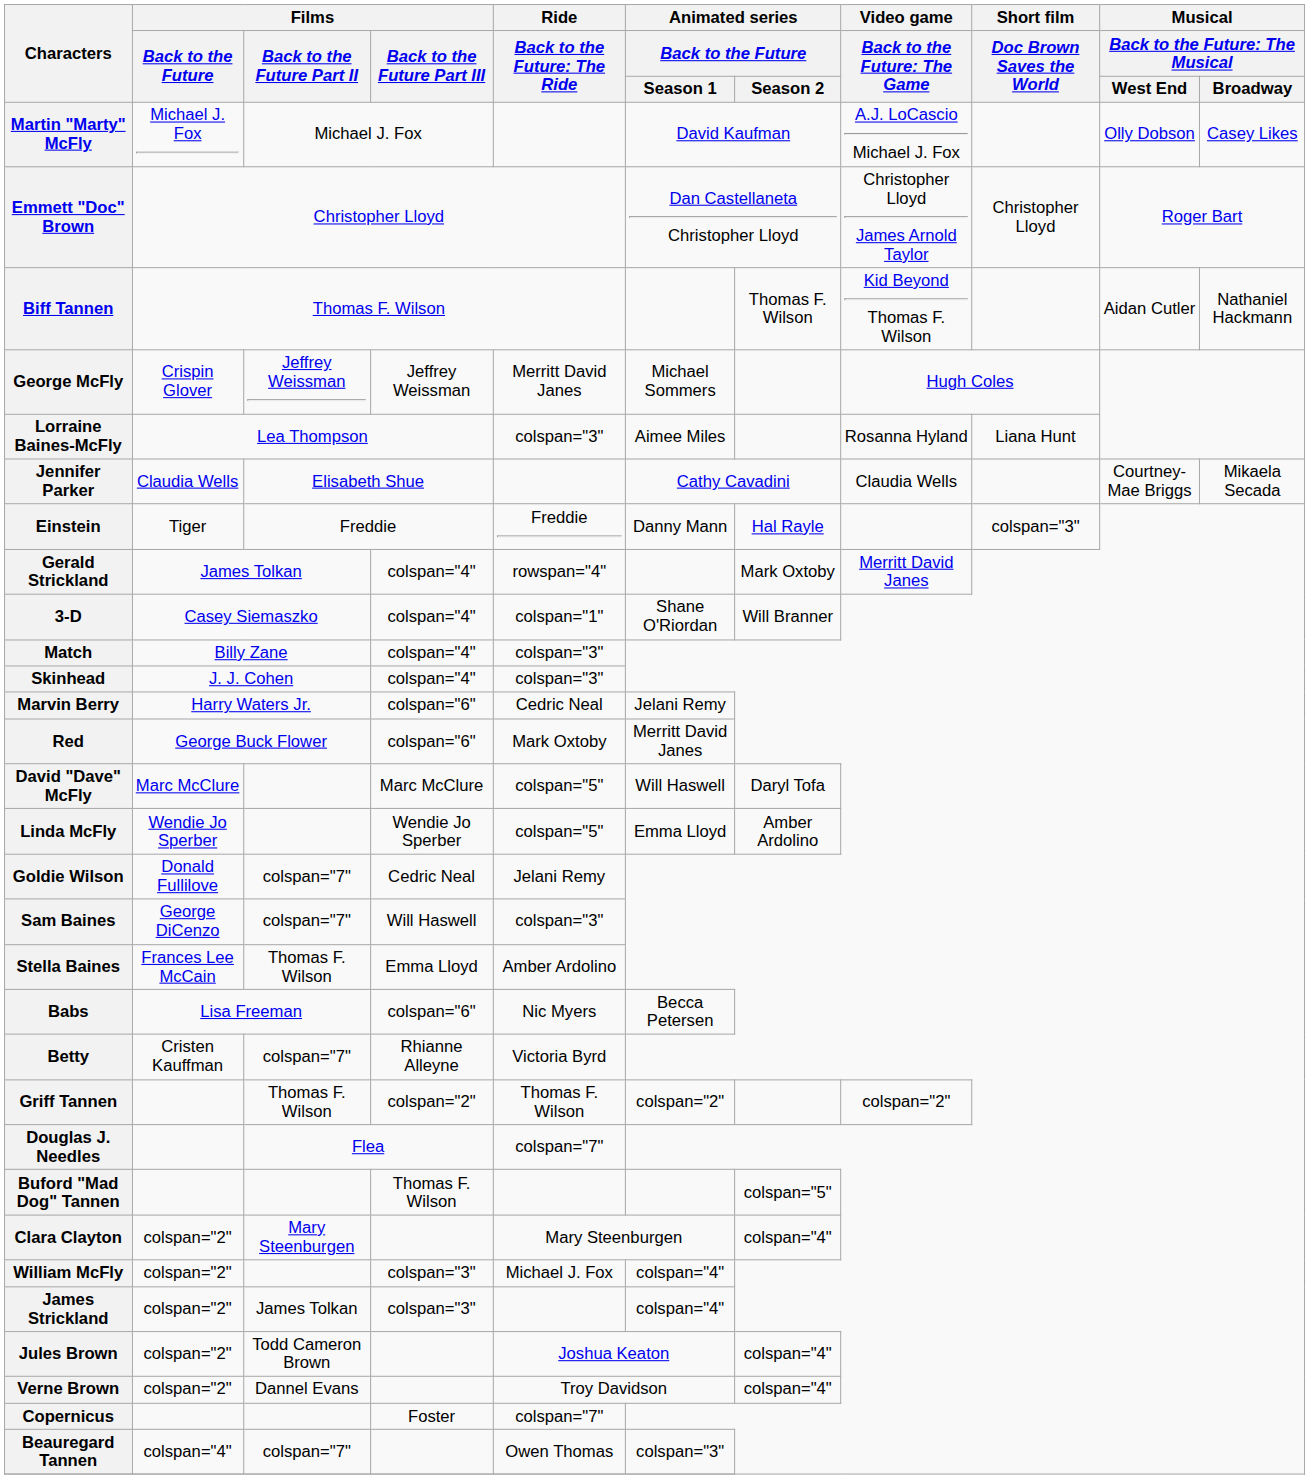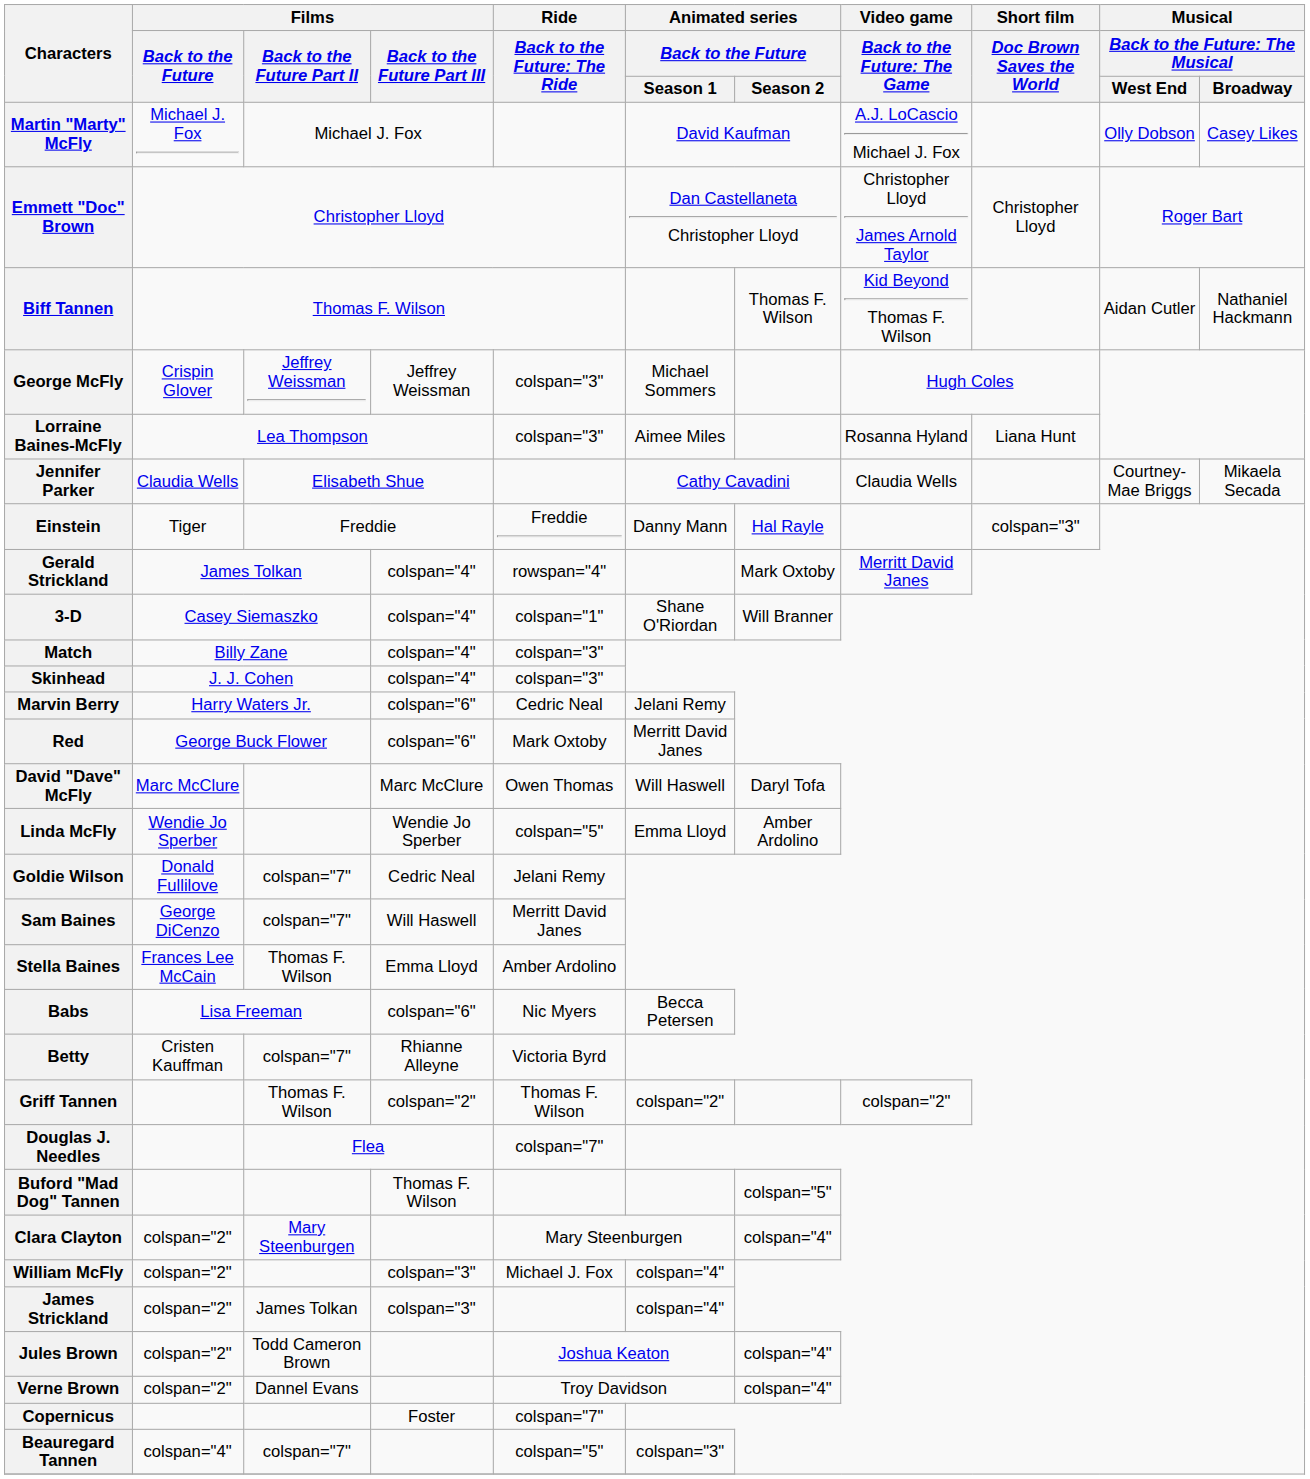 <table class="wikitable plainrowheaders"  style="text-align:center; width:99%;">
 <tr>
 <th rowspan="3" scope="col">Characters</th>
 <th colspan="3" scope="col">Films</th>
 <th scope="col">Ride</th>
 <th colspan="2" scope="col">Animated series</th>
 <th scope="col">Video game</th>
 <th scope="col">Short film</th>
 <th colspan="2" scope="col">Musical</th>
 </tr>
 <tr>
 <th rowspan="2" scope="col"><em><a href='#'>Back to the Future</a></em></th>
 <th rowspan="2" scope="col"><em><a href='#'>Back to the Future Part II</a></em></th>
 <th rowspan="2" scope="col"><em><a href='#'>Back to the Future Part III</a></em></th>
 <th rowspan="2" scope="col"><em><a href='#'>Back to the Future: The Ride</a></em></th>
 <th colspan="2" scope="col"><em><a href='#'>Back to the Future</a></em></th>
 <th rowspan="2" scope="col"><em><a href='#'>Back to the Future: The Game</a></em></th>
 <th rowspan="2" scope="col"><em><a href='#'>Doc Brown Saves the World</a></em></th>
 <th colspan="2" scope="col"><em><a href='#'>Back to the Future: The Musical</a></em></th>
 </tr>
 <tr>
 <th>Season 1</th>
 <th>Season 2</th>
 <th>West End</th>
 <th>Broadway</th>
 </tr>
 <tr>
 <th><a href='#'>Martin "Marty" McFly</a></th>
 <td><a href='#'>Michael J. Fox</a><hr></td>
 <td colspan="2">Michael J. Fox</td>
 <td></td>
 <td colspan="2"><a href='#'>David Kaufman</a></td>
 <td><a href='#'>A.J. LoCascio</a><hr>Michael J. Fox</td>
 <td></td>
 <td><a href='#'>Olly Dobson</a></td>
 <td><a href='#'>Casey Likes</a></td>
 </tr>
 <tr>
 <th><a href='#'>Emmett "Doc" Brown</a></th>
 <td colspan="4"><a href='#'>Christopher Lloyd</a></td>
 <td colspan="2"><a href='#'>Dan Castellaneta</a><hr>Christopher Lloyd</td>
 <td>Christopher Lloyd<hr><a href='#'>James Arnold Taylor</a></td>
 <td>Christopher Lloyd</td>
 <td colspan="2"><a href='#'>Roger Bart</a></td>
 </tr>
 <tr>
 <th><a href='#'>Biff Tannen</a></th>
 <td colspan="4"><a href='#'>Thomas F. Wilson</a></td>
 <td></td>
 <td>Thomas F. Wilson</td>
 <td><a href='#'>Kid Beyond</a><hr>Thomas F. Wilson</td>
 <td></td>
 <td>Aidan Cutler</td>
 <td>Nathaniel Hackmann</td>
 </tr>
 <tr>
 <th>George McFly</th>
 <td><a href='#'>Crispin Glover</a></td>
 <td><a href='#'>Jeffrey Weissman</a><hr></td>
 <td>Jeffrey Weissman</td>
-<td>Merritt David Janes</td>
+<td>colspan="3" </td>
 <td>Michael Sommers</td>
 <td></td>
 <td colspan="2"><a href='#'>Hugh Coles</a></td>
 </tr>
 <tr>
 <th>Lorraine Baines-McFly</th>
 <td colspan="3"><a href='#'>Lea Thompson</a></td>
 <td>colspan="3" </td>
 <td>Aimee Miles</td>
 <td></td>
 <td>Rosanna Hyland</td>
 <td>Liana Hunt</td>
 </tr>
 <tr>
 <th>Jennifer Parker</th>
 <td><a href='#'>Claudia Wells</a></td>
 <td colspan="2"><a href='#'>Elisabeth Shue</a></td>
 <td></td>
 <td colspan="2"><a href='#'>Cathy Cavadini</a></td>
 <td>Claudia Wells</td>
 <td></td>
 <td>Courtney-Mae Briggs</td>
 <td>Mikaela Secada</td>
 </tr>
 <tr>
 <th>Einstein</th>
 <td>Tiger</td>
 <td colspan="2">Freddie</td>
 <td>Freddie<hr></td>
 <td>Danny Mann</td>
 <td><a href='#'>Hal Rayle</a></td>
 <td></td>
 <td>colspan="3" </td>
 </tr>
 <tr>
 <th>Gerald Strickland</th>
 <td colspan="2"><a href='#'>James Tolkan</a></td>
 <td>colspan="4" </td>
 <td>rowspan="4" </td>
 <td></td>
 <td>Mark Oxtoby</td>
 <td><a href='#'>Merritt David Janes</a></td>
 </tr>
 <tr>
 <th>3-D</th>
 <td colspan="2"><a href='#'>Casey Siemaszko</a></td>
 <td>colspan="4" </td>
 <td>colspan="1" </td>
 <td>Shane O'Riordan</td>
 <td>Will Branner</td>
 </tr>
 <tr>
 <th>Match</th>
 <td colspan="2"><a href='#'>Billy Zane</a></td>
 <td>colspan="4" </td>
 <td>colspan="3" </td>
 </tr>
 <tr>
 <th>Skinhead</th>
 <td colspan="2"><a href='#'>J. J. Cohen</a></td>
 <td>colspan="4" </td>
 <td>colspan="3" </td>
 </tr>
 <tr>
 <th>Marvin Berry</th>
 <td colspan="2"><a href='#'>Harry Waters Jr.</a></td>
 <td>colspan="6" </td>
 <td>Cedric Neal</td>
 <td>Jelani Remy</td>
 </tr>
 <tr>
 <th>Red</th>
 <td colspan="2"><a href='#'>George Buck Flower</a></td>
 <td>colspan="6" </td>
 <td>Mark Oxtoby</td>
 <td>Merritt David Janes</td>
 </tr>
 <tr>
 <th>David "Dave" McFly</th>
 <td><a href='#'>Marc McClure</a></td>
 <td></td>
 <td>Marc McClure</td>
-<td>colspan="5" </td>
+<td>Owen Thomas</td>
 <td>Will Haswell</td>
 <td>Daryl Tofa</td>
 </tr>
 <tr>
 <th>Linda McFly</th>
 <td><a href='#'>Wendie Jo Sperber</a></td>
 <td></td>
 <td>Wendie Jo Sperber</td>
 <td>colspan="5" </td>
 <td>Emma Lloyd</td>
 <td>Amber Ardolino</td>
 </tr>
 <tr>
 <th>Goldie Wilson</th>
 <td><a href='#'>Donald Fullilove</a></td>
 <td>colspan="7" </td>
 <td>Cedric Neal</td>
 <td>Jelani Remy</td>
 </tr>
 <tr>
 <th>Sam Baines</th>
 <td><a href='#'>George DiCenzo</a></td>
 <td>colspan="7" </td>
 <td>Will Haswell</td>
-<td>colspan="3" </td>
+<td>Merritt David Janes</td>
 </tr>
 <tr>
 <th>Stella Baines</th>
 <td><a href='#'>Frances Lee McCain</a></td>
 <td>Thomas F. Wilson</td>
 <td>Emma Lloyd</td>
 <td>Amber Ardolino</td>
 </tr>
 <tr>
 <th>Babs</th>
 <td colspan="2"><a href='#'>Lisa Freeman</a></td>
 <td>colspan="6" </td>
 <td>Nic Myers</td>
 <td>Becca Petersen</td>
 </tr>
 <tr>
 <th>Betty</th>
 <td>Cristen Kauffman</td>
 <td>colspan="7" </td>
 <td>Rhianne Alleyne</td>
 <td>Victoria Byrd</td>
 </tr>
 <tr>
 <th>Griff Tannen</th>
 <td></td>
 <td>Thomas F. Wilson</td>
 <td>colspan="2" </td>
 <td>Thomas F. Wilson</td>
 <td>colspan="2" </td>
 <td></td>
 <td>colspan="2" </td>
 </tr>
 <tr>
 <th>Douglas J. Needles</th>
 <td></td>
 <td colspan="2"><a href='#'>Flea</a></td>
 <td>colspan="7" </td>
 </tr>
 <tr>
 <th>Buford "Mad Dog" Tannen</th>
 <td></td>
 <td></td>
 <td>Thomas F. Wilson</td>
 <td></td>
 <td></td>
 <td>colspan="5" </td>
 </tr>
 <tr>
 <th>Clara Clayton</th>
 <td>colspan="2" </td>
 <td><a href='#'>Mary Steenburgen</a></td>
 <td></td>
 <td colspan="2">Mary Steenburgen</td>
 <td>colspan="4" </td>
 </tr>
 <tr>
 <th>William McFly</th>
 <td>colspan="2" </td>
 <td></td>
 <td>colspan="3" </td>
 <td>Michael J. Fox</td>
 <td>colspan="4" </td>
 </tr>
 <tr>
 <th>James Strickland</th>
 <td>colspan="2" </td>
 <td>James Tolkan</td>
 <td>colspan="3" </td>
 <td></td>
 <td>colspan="4" </td>
 </tr>
 <tr>
 <th>Jules Brown</th>
 <td>colspan="2" </td>
 <td>Todd Cameron Brown</td>
 <td></td>
 <td colspan="2"><a href='#'>Joshua Keaton</a></td>
 <td>colspan="4" </td>
 </tr>
 <tr>
 <th>Verne Brown</th>
 <td>colspan="2" </td>
 <td>Dannel Evans</td>
 <td></td>
 <td colspan="2">Troy Davidson</td>
 <td>colspan="4" </td>
 </tr>
 <tr>
 <th>Copernicus</th>
 <td></td>
 <td></td>
 <td>Foster</td>
 <td>colspan="7" </td>
 </tr>
 <tr>
 <th>Beauregard Tannen</th>
 <td>colspan="4" </td>
 <td>colspan="7" </td>
 <td></td>
-<td>Owen Thomas</td>
+<td>colspan="5" </td>
 <td>colspan="3" </td>
 </tr>
 <tr>
 </tr>
 </table>
